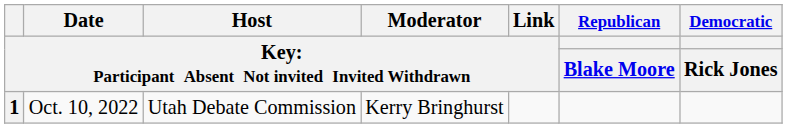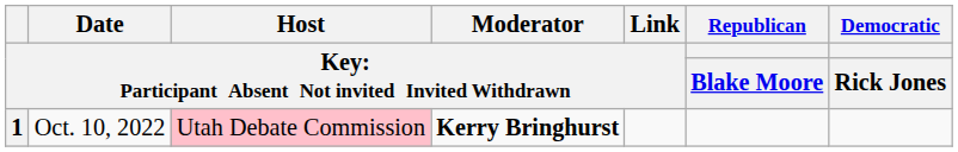 <table class="wikitable" style="text-align:center;">
 <tr>
 <th scope="col"></th>
 <th scope="col">Date</th>
 <th scope="col">Host</th>
 <th scope="col">Moderator</th>
 <th scope="col">Link</th>
 <th scope="col"><small><a href='#'>Republican</a></small></th>
 <th scope="col"><small><a href='#'>Democratic</a></small></th>
 </tr>
 <tr>
 <th colspan="5" rowspan="2">Key:<br> <small>Participant </small>  <small>Absent </small>  <small>Not invited </small>  <small>Invited  Withdrawn</small></th>
 <th scope="col" style="background:"></th>
 <th scope="col" style="background:"></th>
 </tr>
 <tr>
 <th scope="col"><a href='#'>Blake Moore</a></th>
 <th scope="col">Rick Jones</th>
 </tr>
 <tr>
 <th>1</th>
 <td style="white-space:nowrap;">Oct. 10, 2022</td>
-<td style="white-space:nowrap;">Utah Debate Commission</td>
-<td style="white-space:nowrap;">Kerry Bringhurst</td>
+<td style="background: pink; white-space:nowrap;">Utah Debate Commission</td>
+<td style="white-space:nowrap;"><strong>Kerry Bringhurst</strong></td>
 <td style="white-space:nowrap;"></td>
 <td></td>
 <td></td>
 </tr>
 </table>
